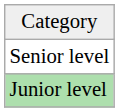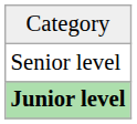 <table class=wikitable style=font-size:90%;>
 <tr align=center>
 <td style="background:#efefef;">Category</td>
 </tr>
 <tr style="background:white;">
 <td>Senior level</td>
 </tr>
 <tr style="background:#addfad;">
-<td>Junior level</td>
+<td><strong>Junior level</strong></td>
 </tr>
 </table>
